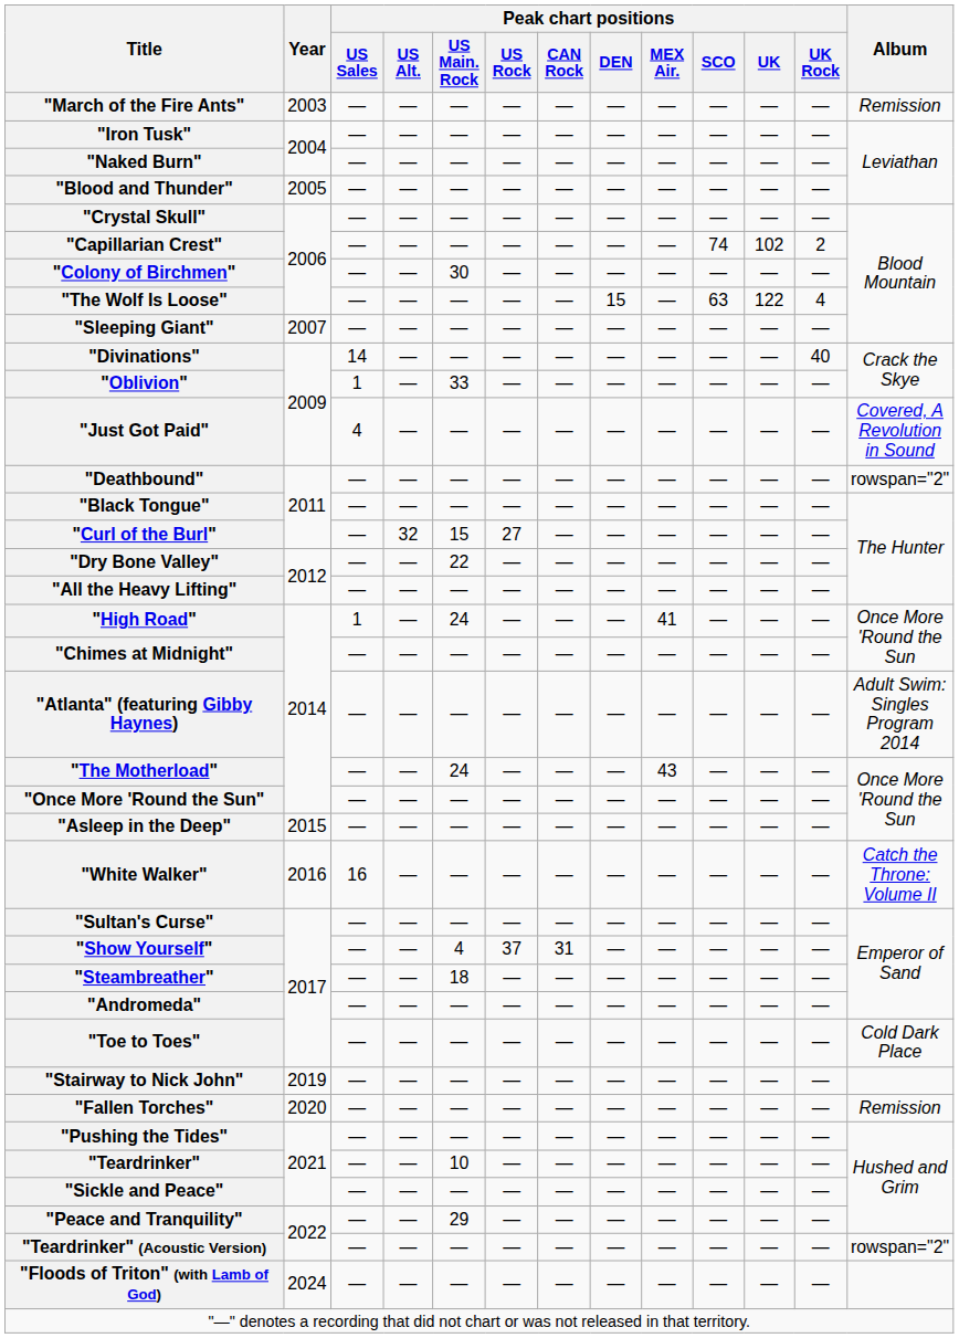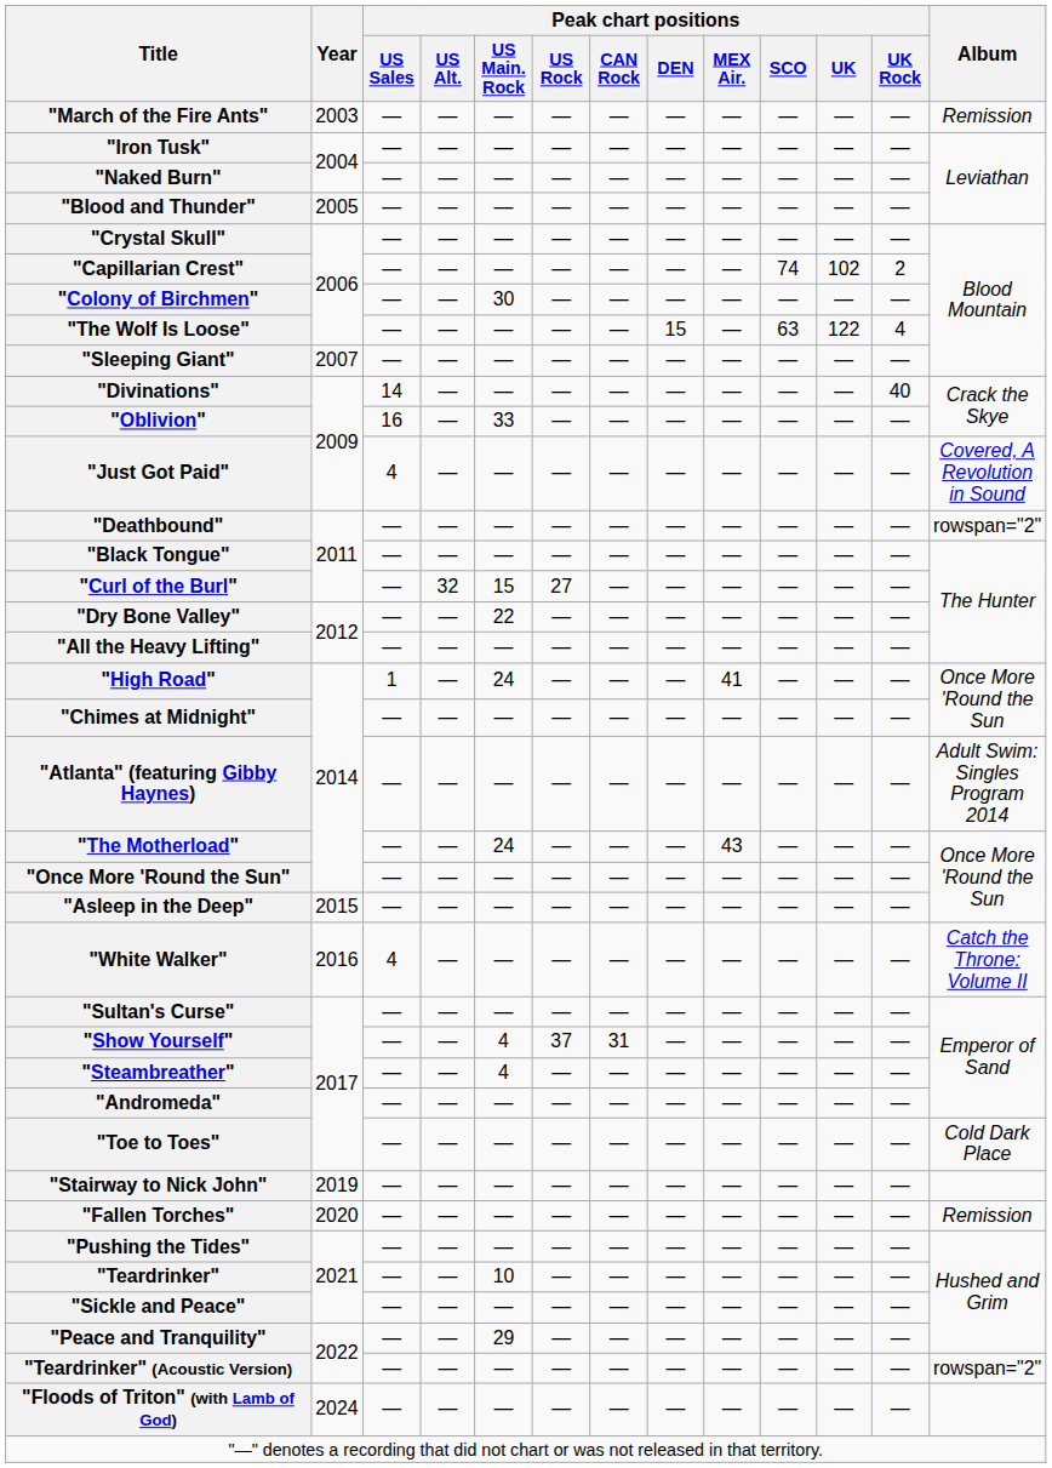 <table class="wikitable plainrowheaders" style="text-align:center;">
 <tr>
 <th scope="col" rowspan="2" style="width:18em;">Title</th>
 <th scope="col" rowspan="2">Year</th>
 <th scope="col" colspan="10">Peak chart positions</th>
 <th scope="col" rowspan="2">Album</th>
 </tr>
 <tr>
 <th scope="col" style="width:3em;font-size:90%;"><a href='#'>US<br>Sales</a><br></th>
 <th scope="col" style="width:3em;font-size:90%;"><a href='#'>US<br>Alt.</a><br></th>
 <th scope="col" style="width:3em;font-size:90%;"><a href='#'>US<br>Main.<br>Rock</a><br></th>
 <th scope="col" style="width:3em;font-size:90%;"><a href='#'>US<br>Rock</a><br></th>
 <th scope="col" style="width:3em;font-size:90%;"><a href='#'>CAN<br>Rock</a><br></th>
 <th scope="col" style="width:3em;font-size:90%;"><a href='#'>DEN</a><br></th>
 <th scope="col" style="width:3em;font-size:90%;"><a href='#'>MEX<br>Air.</a><br></th>
 <th scope="col" style="width:3em;font-size:90%;"><a href='#'>SCO</a><br></th>
 <th scope="col" style="width:3em;font-size:90%;"><a href='#'>UK</a><br></th>
 <th scope="col" style="width:3em;font-size:90%;"><a href='#'>UK<br>Rock</a><br></th>
 </tr>
 <tr>
 <th scope="row">"March of the Fire Ants"</th>
 <td>2003</td>
 <td>—</td>
 <td>—</td>
 <td>—</td>
 <td>—</td>
 <td>—</td>
 <td>—</td>
 <td>—</td>
 <td>—</td>
 <td>—</td>
 <td>—</td>
 <td><em>Remission</em></td>
 </tr>
 <tr>
 <th scope="row">"Iron Tusk"</th>
 <td rowspan="2">2004</td>
 <td>—</td>
 <td>—</td>
 <td>—</td>
 <td>—</td>
 <td>—</td>
 <td>—</td>
 <td>—</td>
 <td>—</td>
 <td>—</td>
 <td>—</td>
 <td rowspan="3"><em>Leviathan</em></td>
 </tr>
 <tr>
 <th scope="row">"Naked Burn"</th>
 <td>—</td>
 <td>—</td>
 <td>—</td>
 <td>—</td>
 <td>—</td>
 <td>—</td>
 <td>—</td>
 <td>—</td>
 <td>—</td>
 <td>—</td>
 </tr>
 <tr>
 <th scope="row">"Blood and Thunder"</th>
 <td>2005</td>
 <td>—</td>
 <td>—</td>
 <td>—</td>
 <td>—</td>
 <td>—</td>
 <td>—</td>
 <td>—</td>
 <td>—</td>
 <td>—</td>
 <td>—</td>
 </tr>
 <tr>
 <th scope="row">"Crystal Skull"</th>
 <td rowspan="4">2006</td>
 <td>—</td>
 <td>—</td>
 <td>—</td>
 <td>—</td>
 <td>—</td>
 <td>—</td>
 <td>—</td>
 <td>—</td>
 <td>—</td>
 <td>—</td>
 <td rowspan="5"><em>Blood Mountain</em></td>
 </tr>
 <tr>
 <th scope="row">"Capillarian Crest"</th>
 <td>—</td>
 <td>—</td>
 <td>—</td>
 <td>—</td>
 <td>—</td>
 <td>—</td>
 <td>—</td>
 <td>74</td>
 <td>102</td>
 <td>2</td>
 </tr>
 <tr>
 <th scope="row">"<a href='#'>Colony of Birchmen</a>"</th>
 <td>—</td>
 <td>—</td>
 <td>30</td>
 <td>—</td>
 <td>—</td>
 <td>—</td>
 <td>—</td>
 <td>—</td>
 <td>—</td>
 <td>—</td>
 </tr>
 <tr>
 <th scope="row">"The Wolf Is Loose"</th>
 <td>—</td>
 <td>—</td>
 <td>—</td>
 <td>—</td>
 <td>—</td>
 <td>15</td>
 <td>—</td>
 <td>63</td>
 <td>122</td>
 <td>4</td>
 </tr>
 <tr>
 <th scope="row">"Sleeping Giant"</th>
 <td>2007</td>
 <td>—</td>
 <td>—</td>
 <td>—</td>
 <td>—</td>
 <td>—</td>
 <td>—</td>
 <td>—</td>
 <td>—</td>
 <td>—</td>
 <td>—</td>
 </tr>
 <tr>
 <th scope="row">"Divinations"</th>
 <td rowspan="3">2009</td>
 <td>14</td>
 <td>—</td>
 <td>—</td>
 <td>—</td>
 <td>—</td>
 <td>—</td>
 <td>—</td>
 <td>—</td>
 <td>—</td>
 <td>40</td>
 <td rowspan="2"><em>Crack the Skye</em></td>
 </tr>
 <tr>
 <th scope="row">"<a href='#'>Oblivion</a>"</th>
-<td>1</td>
+<td>16</td>
 <td>—</td>
 <td>33</td>
 <td>—</td>
 <td>—</td>
 <td>—</td>
 <td>—</td>
 <td>—</td>
 <td>—</td>
 <td>—</td>
 </tr>
 <tr>
 <th scope="row">"Just Got Paid"</th>
 <td>4</td>
 <td>—</td>
 <td>—</td>
 <td>—</td>
 <td>—</td>
 <td>—</td>
 <td>—</td>
 <td>—</td>
 <td>—</td>
 <td>—</td>
 <td><em><a href='#'>Covered, A Revolution in Sound</a></em></td>
 </tr>
 <tr>
 <th scope="row">"Deathbound"</th>
 <td rowspan="3">2011</td>
 <td>—</td>
 <td>—</td>
 <td>—</td>
 <td>—</td>
 <td>—</td>
 <td>—</td>
 <td>—</td>
 <td>—</td>
 <td>—</td>
 <td>—</td>
 <td>rowspan="2" </td>
 </tr>
 <tr>
 <th scope="row">"Black Tongue"</th>
 <td>—</td>
 <td>—</td>
 <td>—</td>
 <td>—</td>
 <td>—</td>
 <td>—</td>
 <td>—</td>
 <td>—</td>
 <td>—</td>
 <td>—</td>
 <td rowspan="4"><em>The Hunter</em></td>
 </tr>
 <tr>
 <th scope="row">"<a href='#'>Curl of the Burl</a>"</th>
 <td>—</td>
 <td>32</td>
 <td>15</td>
 <td>27</td>
 <td>—</td>
 <td>—</td>
 <td>—</td>
 <td>—</td>
 <td>—</td>
 <td>—</td>
 </tr>
 <tr>
 <th scope="row">"Dry Bone Valley"</th>
 <td rowspan="2">2012</td>
 <td>—</td>
 <td>—</td>
 <td>22</td>
 <td>—</td>
 <td>—</td>
 <td>—</td>
 <td>—</td>
 <td>—</td>
 <td>—</td>
 <td>—</td>
 </tr>
 <tr>
 <th scope="row">"All the Heavy Lifting"</th>
 <td>—</td>
 <td>—</td>
 <td>—</td>
 <td>—</td>
 <td>—</td>
 <td>—</td>
 <td>—</td>
 <td>—</td>
 <td>—</td>
 <td>—</td>
 </tr>
 <tr>
 <th scope="row">"<a href='#'>High Road</a>"</th>
 <td rowspan="5">2014</td>
 <td>1</td>
 <td>—</td>
 <td>24</td>
 <td>—</td>
 <td>—</td>
 <td>—</td>
 <td>41</td>
 <td>—</td>
 <td>—</td>
 <td>—</td>
 <td rowspan="2"><em>Once More 'Round the Sun</em></td>
 </tr>
 <tr>
 <th scope="row">"Chimes at Midnight"</th>
 <td>—</td>
 <td>—</td>
 <td>—</td>
 <td>—</td>
 <td>—</td>
 <td>—</td>
 <td>—</td>
 <td>—</td>
 <td>—</td>
 <td>—</td>
 </tr>
 <tr>
 <th scope="row">"Atlanta" <span>(featuring <a href='#'>Gibby Haynes</a>)</span></th>
 <td>—</td>
 <td>—</td>
 <td>—</td>
 <td>—</td>
 <td>—</td>
 <td>—</td>
 <td>—</td>
 <td>—</td>
 <td>—</td>
 <td>—</td>
 <td><em>Adult Swim: Singles Program 2014</em></td>
 </tr>
 <tr>
 <th scope="row">"<a href='#'>The Motherload</a>"</th>
 <td>—</td>
 <td>—</td>
 <td>24</td>
 <td>—</td>
 <td>—</td>
 <td>—</td>
 <td>43</td>
 <td>—</td>
 <td>—</td>
 <td>—</td>
 <td rowspan="3"><em>Once More 'Round the Sun</em></td>
 </tr>
 <tr>
 <th scope="row">"Once More 'Round the Sun"</th>
 <td>—</td>
 <td>—</td>
 <td>—</td>
 <td>—</td>
 <td>—</td>
 <td>—</td>
 <td>—</td>
 <td>—</td>
 <td>—</td>
 <td>—</td>
 </tr>
 <tr>
 <th scope="row">"Asleep in the Deep"</th>
 <td>2015</td>
 <td>—</td>
 <td>—</td>
 <td>—</td>
 <td>—</td>
 <td>—</td>
 <td>—</td>
 <td>—</td>
 <td>—</td>
 <td>—</td>
 <td>—</td>
 </tr>
 <tr>
 <th scope="row">"White Walker"</th>
 <td>2016</td>
-<td>16</td>
+<td>4</td>
 <td>—</td>
 <td>—</td>
 <td>—</td>
 <td>—</td>
 <td>—</td>
 <td>—</td>
 <td>—</td>
 <td>—</td>
 <td>—</td>
 <td><em><a href='#'>Catch the Throne: Volume II</a></em></td>
 </tr>
 <tr>
 <th scope="row">"Sultan's Curse"</th>
 <td rowspan="5">2017</td>
 <td>—</td>
 <td>—</td>
 <td>—</td>
 <td>—</td>
 <td>—</td>
 <td>—</td>
 <td>—</td>
 <td>—</td>
 <td>—</td>
 <td>—</td>
 <td rowspan="4"><em>Emperor of Sand</em></td>
 </tr>
 <tr>
 <th scope="row">"<a href='#'>Show Yourself</a>"</th>
 <td>—</td>
 <td>—</td>
 <td>4</td>
 <td>37</td>
 <td>31</td>
 <td>—</td>
 <td>—</td>
 <td>—</td>
 <td>—</td>
 <td>—</td>
 </tr>
 <tr>
 <th scope="row">"<a href='#'>Steambreather</a>"</th>
 <td>—</td>
 <td>—</td>
-<td>18</td>
+<td>4</td>
 <td>—</td>
 <td>—</td>
 <td>—</td>
 <td>—</td>
 <td>—</td>
 <td>—</td>
 <td>—</td>
 </tr>
 <tr>
 <th scope="row">"Andromeda"</th>
 <td>—</td>
 <td>—</td>
 <td>—</td>
 <td>—</td>
 <td>—</td>
 <td>—</td>
 <td>—</td>
 <td>—</td>
 <td>—</td>
 <td>—</td>
 </tr>
 <tr>
 <th scope="row">"Toe to Toes"</th>
 <td>—</td>
 <td>—</td>
 <td>—</td>
 <td>—</td>
 <td>—</td>
 <td>—</td>
 <td>—</td>
 <td>—</td>
 <td>—</td>
 <td>—</td>
 <td><em>Cold Dark Place</em></td>
 </tr>
 <tr>
 <th scope="row">"Stairway to Nick John"</th>
 <td>2019</td>
 <td>—</td>
 <td>—</td>
 <td>—</td>
 <td>—</td>
 <td>—</td>
 <td>—</td>
 <td>—</td>
 <td>—</td>
 <td>—</td>
 <td>—</td>
 <td></td>
 </tr>
 <tr>
 <th scope="row">"Fallen Torches"</th>
 <td>2020</td>
 <td>—</td>
 <td>—</td>
 <td>—</td>
 <td>—</td>
 <td>—</td>
 <td>—</td>
 <td>—</td>
 <td>—</td>
 <td>—</td>
 <td>—</td>
 <td><em>Remission</em></td>
 </tr>
 <tr>
 <th scope="row">"Pushing the Tides"</th>
 <td rowspan="3">2021</td>
 <td>—</td>
 <td>—</td>
 <td>—</td>
 <td>—</td>
 <td>—</td>
 <td>—</td>
 <td>—</td>
 <td>—</td>
 <td>—</td>
 <td>—</td>
 <td rowspan="4"><em>Hushed and Grim</em></td>
 </tr>
 <tr>
 <th scope="row">"Teardrinker"</th>
 <td>—</td>
 <td>—</td>
 <td>10</td>
 <td>—</td>
 <td>—</td>
 <td>—</td>
 <td>—</td>
 <td>—</td>
 <td>—</td>
 <td>—</td>
 </tr>
 <tr>
 <th scope="row">"Sickle and Peace"</th>
 <td>—</td>
 <td>—</td>
 <td>—</td>
 <td>—</td>
 <td>—</td>
 <td>—</td>
 <td>—</td>
 <td>—</td>
 <td>—</td>
 <td>—</td>
 </tr>
 <tr>
 <th scope="row">"Peace and Tranquility"</th>
 <td rowspan="2">2022</td>
 <td>—</td>
 <td>—</td>
 <td>29</td>
 <td>—</td>
 <td>—</td>
 <td>—</td>
 <td>—</td>
 <td>—</td>
 <td>—</td>
 <td>—</td>
 </tr>
 <tr>
 <th scope="row">"Teardrinker" <small>(Acoustic Version)</small></th>
 <td>—</td>
 <td>—</td>
 <td>—</td>
 <td>—</td>
 <td>—</td>
 <td>—</td>
 <td>—</td>
 <td>—</td>
 <td>—</td>
 <td>—</td>
 <td>rowspan="2" </td>
 </tr>
 <tr>
 <th scope="row">"Floods of Triton" <small>(with <a href='#'>Lamb of God</a>)</small></th>
 <td>2024</td>
 <td>—</td>
 <td>—</td>
 <td>—</td>
 <td>—</td>
 <td>—</td>
 <td>—</td>
 <td>—</td>
 <td>—</td>
 <td>—</td>
 <td>—</td>
 </tr>
 <tr>
 <td colspan="14" style="font-size:90%">"—" denotes a recording that did not chart or was not released in that territory.</td>
 </tr>
 </table>
